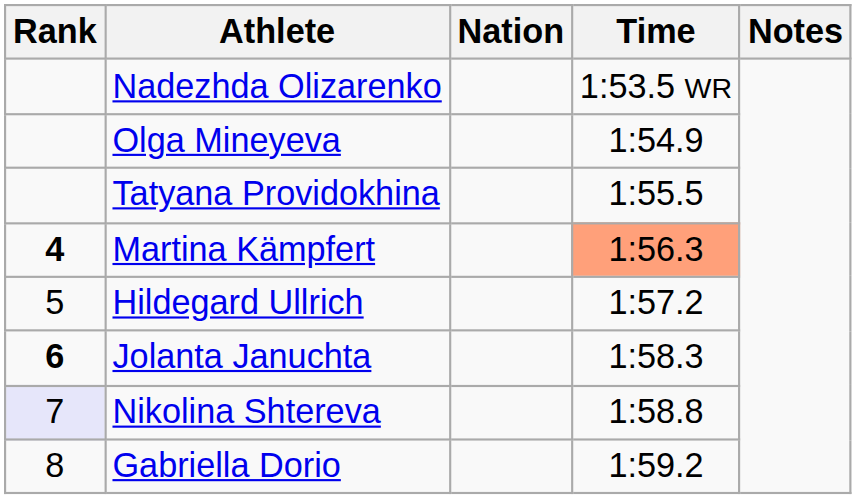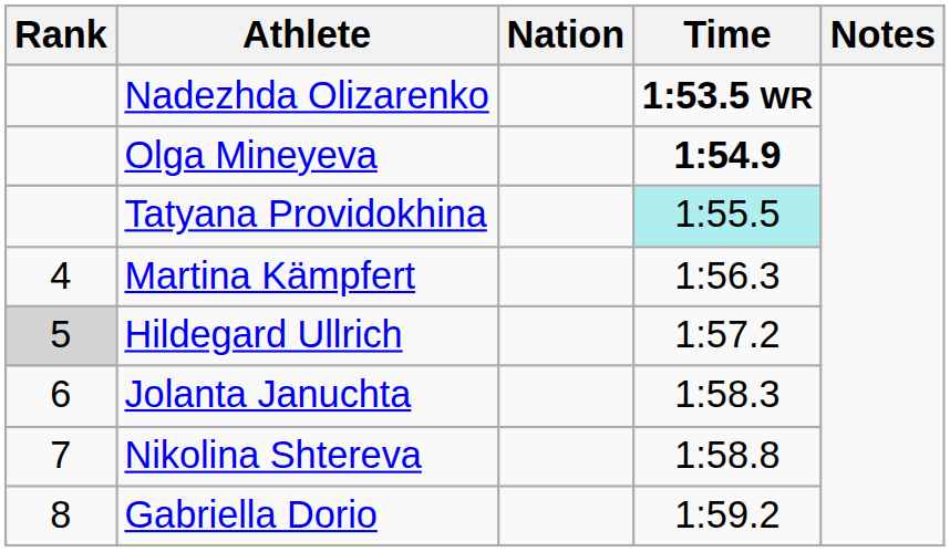 <table class="wikitable sortable" style="text-align:center">
 <tr>
 <th>Rank</th>
 <th>Athlete</th>
 <th>Nation</th>
 <th>Time</th>
 <th>Notes</th>
 </tr>
 <tr>
 <td></td>
 <td align=left><a href='#'>Nadezhda Olizarenko</a></td>
 <td align=left></td>
-<td>1:53.5 <small>WR</small></td>
+<td><strong>1:53.5 <small>WR</small></strong></td>
 </tr>
 <tr>
 <td></td>
 <td align=left><a href='#'>Olga Mineyeva</a></td>
 <td align=left></td>
-<td>1:54.9</td>
+<td><strong>1:54.9</strong></td>
 </tr>
 <tr>
 <td></td>
 <td align=left><a href='#'>Tatyana Providokhina</a></td>
 <td align=left></td>
-<td>1:55.5</td>
+<td style="background: paleturquoise;">1:55.5</td>
 </tr>
 <tr>
-<td><strong>4</strong></td>
+<td>4</td>
 <td align=left><a href='#'>Martina Kämpfert</a></td>
 <td align=left></td>
-<td style="background: lightsalmon;">1:56.3</td>
+<td>1:56.3</td>
 </tr>
 <tr>
-<td>5</td>
+<td style="background: lightgrey;">5</td>
 <td align=left><a href='#'>Hildegard Ullrich</a></td>
 <td align=left></td>
 <td>1:57.2</td>
 </tr>
 <tr>
-<td><strong>6</strong></td>
+<td>6</td>
 <td align=left><a href='#'>Jolanta Januchta</a></td>
 <td align=left></td>
 <td>1:58.3</td>
 </tr>
 <tr>
-<td style="background: lavender;">7</td>
+<td>7</td>
 <td align=left><a href='#'>Nikolina Shtereva</a></td>
 <td align=left></td>
 <td>1:58.8</td>
 </tr>
 <tr>
 <td>8</td>
 <td align=left><a href='#'>Gabriella Dorio</a></td>
 <td align=left></td>
 <td>1:59.2</td>
 </tr>
 </table>
